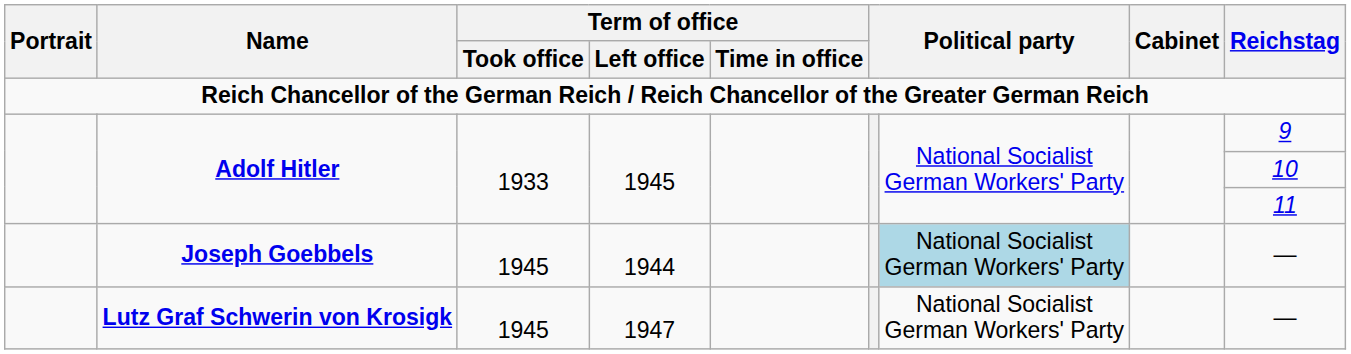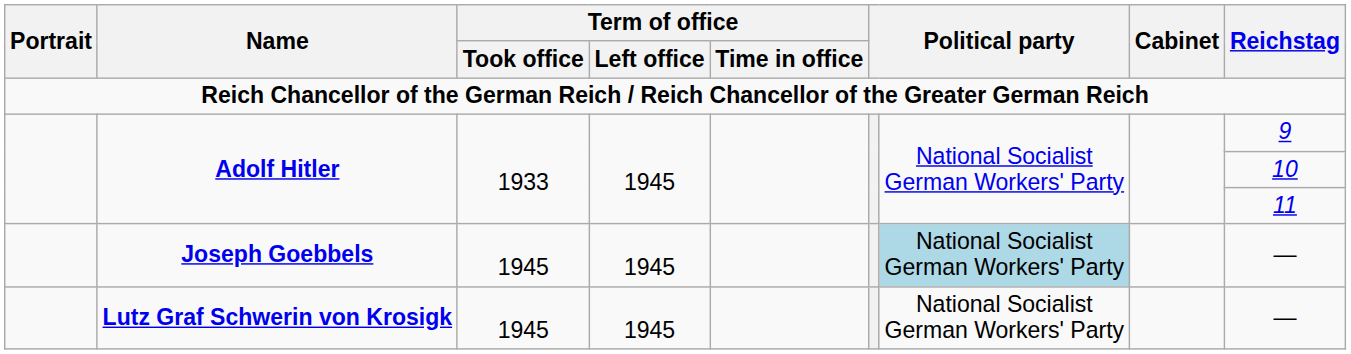 <table class="wikitable" style="text-align:center">
 <tr>
 <th rowspan=2>Portrait</th>
 <th rowspan=2>Name<br></th>
 <th colspan=3>Term of office</th>
 <th colspan=2 rowspan=2>Political party</th>
 <th rowspan=2>Cabinet</th>
 <th rowspan=2><a href='#'>Reichstag</a></th>
 </tr>
 <tr>
 <th>Took office</th>
 <th>Left office</th>
 <th>Time in office</th>
 </tr>
 <tr>
 <td colspan="9"><strong>Reich Chancellor of the German Reich / Reich Chancellor of the Greater German Reich</strong></td>
 </tr>
 <tr>
 <td rowspan="3"></td>
 <td rowspan="3"><strong><a href='#'>Adolf Hitler</a></strong><br></td>
 <td rowspan="3"><br>1933</td>
 <td rowspan="3"><br>1945</td>
 <td rowspan="3"><small></small></td>
 <th rowspan="3" style="background:"></th>
 <td rowspan="3"><a href='#'>National Socialist<br>German Workers' Party</a></td>
 <td rowspan="3"><br></td>
 <td><a href='#'><em>9</em> </a></td>
 </tr>
 <tr>
 <td><a href='#'><em>10</em> </a></td>
 </tr>
 <tr>
 <td><a href='#'><em>11</em> </a></td>
 </tr>
 <tr>
 <td></td>
 <td><strong><a href='#'>Joseph Goebbels</a></strong><br></td>
 <td><br>1945</td>
-<td><br>1944</td>
+<td><br>1945</td>
 <td><small></small></td>
 <th style="background:"></th>
 <td style="background: lightblue;">National Socialist<br>German Workers' Party</td>
 <td><br></td>
 <td>—</td>
 </tr>
 <tr>
 <td></td>
 <td><strong><a href='#'>Lutz Graf Schwerin von Krosigk</a></strong><br></td>
 <td><br>1945</td>
-<td><br>1947</td>
+<td><br>1945</td>
 <td><small></small></td>
 <th style="background:"></th>
 <td>National Socialist<br>German Workers' Party</td>
 <td><br></td>
 <td>—</td>
 </tr>
 </table>
